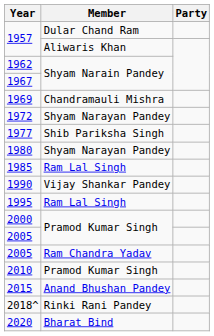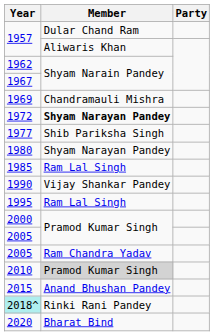 <table class="wikitable sortable">
 <tr>
 <th>Year</th>
 <th>Member</th>
 <th colspan="2">Party</th>
 </tr>
 <tr>
 <td rowspan="2"><a href='#'>1957</a></td>
 <td>Dular Chand Ram</td>
 <td></td>
 </tr>
 <tr>
 <td>Aliwaris Khan</td>
 </tr>
 <tr>
 <td><a href='#'>1962</a></td>
 <td rowspan="2">Shyam Narain Pandey</td>
 </tr>
 <tr>
 <td><a href='#'>1967</a></td>
 </tr>
 <tr>
 <td><a href='#'>1969</a></td>
 <td>Chandramauli Mishra</td>
 <td></td>
 </tr>
 <tr>
 <td><a href='#'>1972</a></td>
-<td>Shyam Narayan Pandey</td>
+<td><strong>Shyam Narayan Pandey</strong></td>
 <td></td>
 </tr>
 <tr>
 <td><a href='#'>1977</a></td>
 <td>Shib Pariksha Singh</td>
 <td></td>
 </tr>
 <tr>
 <td><a href='#'>1980</a></td>
 <td>Shyam Narayan Pandey</td>
 <td></td>
 </tr>
 <tr>
 <td><a href='#'>1985</a></td>
 <td><a href='#'>Ram Lal Singh</a></td>
 <td></td>
 </tr>
 <tr>
 <td><a href='#'>1990</a></td>
 <td>Vijay Shankar Pandey</td>
 <td></td>
 </tr>
 <tr>
 <td><a href='#'>1995</a></td>
 <td><a href='#'>Ram Lal Singh</a></td>
 <td></td>
 </tr>
 <tr>
 <td><a href='#'>2000</a></td>
 <td rowspan="2">Pramod Kumar Singh</td>
 <td></td>
 </tr>
 <tr>
 <td><a href='#'>2005</a></td>
 </tr>
 <tr>
 <td><a href='#'>2005</a></td>
 <td><a href='#'>Ram Chandra Yadav</a></td>
 <td></td>
 </tr>
 <tr>
 <td><a href='#'>2010</a></td>
-<td>Pramod Kumar Singh</td>
+<td style="background: lightgrey;">Pramod Kumar Singh</td>
 <td></td>
 </tr>
 <tr>
 <td><a href='#'>2015</a></td>
 <td><a href='#'>Anand Bhushan Pandey</a></td>
 <td></td>
 </tr>
 <tr>
-<td>2018^</td>
+<td style="background: paleturquoise;">2018^</td>
 <td>Rinki Rani Pandey</td>
 </tr>
 <tr>
 <td><a href='#'>2020</a></td>
 <td><a href='#'>Bharat Bind</a></td>
 <td></td>
 </tr>
 </table>
